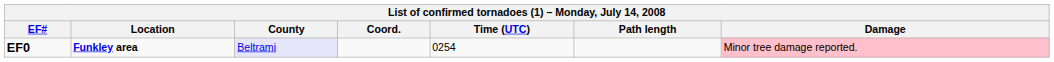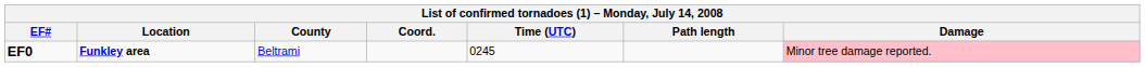 <table class="wikitable collapsible" width="100%">
 <tr>
 <th colspan="7">List of confirmed tornadoes (1) – Monday, July 14, 2008</th>
 </tr>
 <tr>
 <th><a href='#'>EF#</a></th>
 <th>Location</th>
 <th>County</th>
 <th>Coord.</th>
 <th>Time (<a href='#'>UTC</a>)</th>
 <th>Path length</th>
 <th>Damage</th>
 </tr>
 <tr>
 <td><big><strong>EF0</strong></big></td>
 <td><strong><a href='#'>Funkley</a> area</strong></td>
-<td style="background: lavender;"><a href='#'>Beltrami</a></td>
+<td><a href='#'>Beltrami</a></td>
 <td></td>
-<td>0254</td>
+<td>0245</td>
 <td></td>
 <td style="background: pink;">Minor tree damage reported.</td>
 </tr>
 </table>
